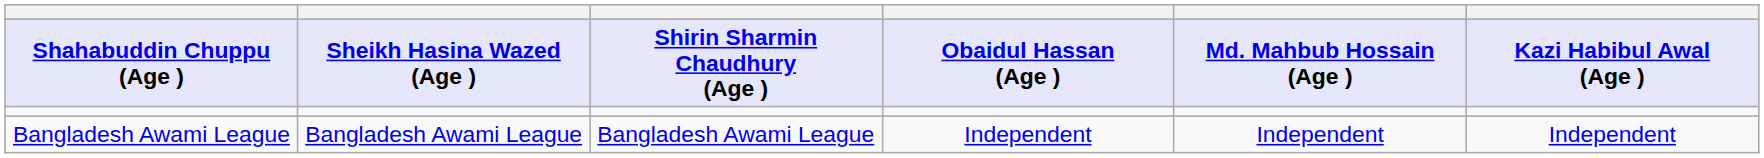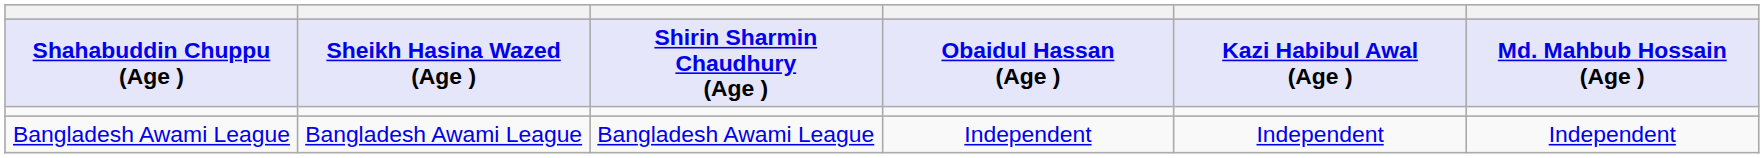 <table class=wikitable style="margin:1em auto; font-size:90%; text-align:center;">
 <tr>
 <th style="font-size:135%; width:175px; background:"><a href='#'></a></th>
 <th style="font-size:135%; width:175px; background:"><a href='#'></a></th>
 <th style="font-size:135%; width:175px; background:"><a href='#'></a></th>
 <th style="font-size:135%; width:175px; background:"><a href='#'></a></th>
 <th style="font-size:135%; width:175px; background:"><a href='#'></a></th>
 <th style="font-size:135%; width:175px; background:"><a href='#'></a></th>
 </tr>
 <tr>
 <th style="background:lavender;"><strong><a href='#'>Shahabuddin Chuppu</a></strong><br>(Age )</th>
 <th style="background:lavender;"><strong><a href='#'>Sheikh Hasina Wazed</a></strong><br>(Age )</th>
 <th style="background:lavender;"><strong><a href='#'>Shirin Sharmin Chaudhury</a></strong><br>(Age )</th>
 <th style="background:lavender;"><strong><a href='#'>Obaidul Hassan</a></strong><br>(Age )</th>
+<th style="background:lavender;"><strong><a href='#'>Kazi Habibul Awal</a></strong><br>(Age )</th>
 <th style="background:lavender;"><strong><a href='#'>Md. Mahbub Hossain</a></strong><br>(Age )</th>
-<th style="background:lavender;"><strong><a href='#'>Kazi Habibul Awal</a></strong><br>(Age )</th>
 </tr>
 <tr>
 <td></td>
 <td></td>
 <td></td>
 <td></td>
 <td></td>
 <td></td>
 </tr>
 <tr>
 <td><a href='#'>Bangladesh Awami League</a><br></td>
 <td><a href='#'>Bangladesh Awami League</a><br></td>
 <td><a href='#'>Bangladesh Awami League</a><br></td>
 <td><a href='#'>Independent</a><br></td>
 <td><a href='#'>Independent</a><br></td>
 <td><a href='#'>Independent</a><br></td>
 </tr>
 </table>
